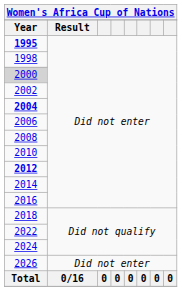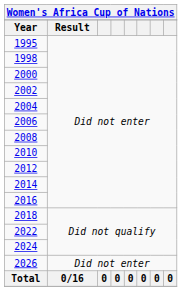 <table class="wikitable" style="text-align: center;">
 <tr>
 <th colspan=8><a href='#'>Women's Africa Cup of Nations</a></th>
 </tr>
 <tr>
 </tr>
 <tr>
 <th>Year</th>
 <th>Result</th>
 <th></th>
 <th></th>
 <th></th>
 <th></th>
 <th></th>
 <th></th>
 </tr>
 <tr>
-<td><strong> <a href='#'>1995</a></strong></td>
+<td> <a href='#'>1995</a></td>
 <td colspan=8 rowspan=11><em>Did not enter</em></td>
 </tr>
 <tr>
 <td> <a href='#'>1998</a></td>
 </tr>
 <tr>
-<td style="background: lightgrey;"> <a href='#'>2000</a></td>
+<td> <a href='#'>2000</a></td>
 </tr>
 <tr>
 <td> <a href='#'>2002</a></td>
 </tr>
 <tr>
-<td><strong> <a href='#'>2004</a></strong></td>
+<td> <a href='#'>2004</a></td>
 </tr>
 <tr>
 <td> <a href='#'>2006</a></td>
 </tr>
 <tr>
 <td> <a href='#'>2008</a></td>
 </tr>
 <tr>
 <td> <a href='#'>2010</a></td>
 </tr>
 <tr>
-<td><strong> <a href='#'>2012</a></strong></td>
+<td> <a href='#'>2012</a></td>
 </tr>
 <tr>
 <td> <a href='#'>2014</a></td>
 </tr>
 <tr>
 <td> <a href='#'>2016</a></td>
 </tr>
 <tr>
 <td> <a href='#'>2018</a></td>
 <td colspan=8 rowspan=3><em>Did not qualify</em></td>
 </tr>
 <tr>
 <td> <a href='#'>2022</a></td>
 </tr>
 <tr>
 <td> <a href='#'>2024</a></td>
 </tr>
 <tr>
 <td> <a href='#'>2026</a></td>
 <td colspan=8><em>Did not enter</em></td>
 </tr>
 <tr>
 <th>Total</th>
 <th>0/16</th>
 <th>0</th>
 <th>0</th>
 <th>0</th>
 <th>0</th>
 <th>0</th>
 <th>0</th>
 </tr>
 <tr>
 </tr>
 </table>
